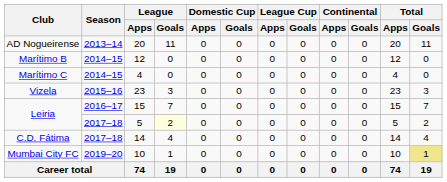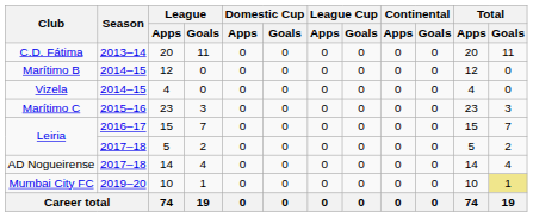 <table class="wikitable" style="text-align: center;">
 <tr>
 <th rowspan="2">Club</th>
 <th rowspan="2">Season</th>
 <th colspan="2">League</th>
 <th colspan="2">Domestic Cup</th>
 <th colspan="2">League Cup</th>
 <th colspan="2">Continental</th>
 <th colspan="2">Total</th>
 </tr>
 <tr>
 <th>Apps</th>
 <th>Goals</th>
 <th>Apps</th>
 <th>Goals</th>
 <th>Apps</th>
 <th>Goals</th>
 <th>Apps</th>
 <th>Goals</th>
 <th>Apps</th>
 <th>Goals</th>
 </tr>
 <tr>
-<td rowspan="1">AD Nogueirense</td>
+<td rowspan="1"><a href='#'>C.D. Fátima</a></td>
 <td><a href='#'>2013–14</a></td>
 <td>20</td>
 <td>11</td>
 <td>0</td>
 <td>0</td>
 <td>0</td>
 <td>0</td>
 <td>0</td>
 <td>0</td>
 <td>20</td>
 <td>11</td>
 </tr>
 <tr>
 <td rowspan="1"><a href='#'>Marítimo B</a></td>
 <td><a href='#'>2014–15</a></td>
 <td>12</td>
 <td>0</td>
 <td>0</td>
 <td>0</td>
 <td>0</td>
 <td>0</td>
 <td>0</td>
 <td>0</td>
 <td>12</td>
 <td>0</td>
 </tr>
 <tr>
-<td rowspan="1"><a href='#'>Marítimo C</a></td>
+<td rowspan="1"><a href='#'>Vizela</a></td>
 <td><a href='#'>2014–15</a></td>
 <td>4</td>
 <td>0</td>
 <td>0</td>
 <td>0</td>
 <td>0</td>
 <td>0</td>
 <td>0</td>
 <td>0</td>
 <td>4</td>
 <td>0</td>
 </tr>
 <tr>
-<td rowspan="1"><a href='#'>Vizela</a></td>
+<td rowspan="1"><a href='#'>Marítimo C</a></td>
 <td><a href='#'>2015–16</a></td>
 <td>23</td>
 <td>3</td>
 <td>0</td>
 <td>0</td>
 <td>0</td>
 <td>0</td>
 <td>0</td>
 <td>0</td>
 <td>23</td>
 <td>3</td>
 </tr>
 <tr>
 <td rowspan="2"><a href='#'>Leiria</a></td>
 <td><a href='#'>2016–17</a></td>
 <td>15</td>
 <td>7</td>
 <td>0</td>
 <td>0</td>
 <td>0</td>
 <td>0</td>
 <td>0</td>
 <td>0</td>
 <td>15</td>
 <td>7</td>
 </tr>
 <tr>
 <td><a href='#'>2017–18</a></td>
 <td>5</td>
-<td style="background: lightyellow;">2</td>
+<td>2</td>
 <td>0</td>
 <td>0</td>
 <td>0</td>
 <td>0</td>
 <td>0</td>
 <td>0</td>
 <td>5</td>
 <td>2</td>
 </tr>
 <tr>
-<td rowspan="1"><a href='#'>C.D. Fátima</a></td>
+<td rowspan="1">AD Nogueirense</td>
 <td><a href='#'>2017–18</a></td>
 <td>14</td>
 <td>4</td>
 <td>0</td>
 <td>0</td>
 <td>0</td>
 <td>0</td>
 <td>0</td>
 <td>0</td>
 <td>14</td>
 <td>4</td>
 </tr>
 <tr>
 <td rowspan="1"><a href='#'>Mumbai City FC</a></td>
 <td><a href='#'>2019–20</a></td>
 <td>10</td>
 <td>1</td>
 <td>0</td>
 <td>0</td>
 <td>0</td>
 <td>0</td>
 <td>0</td>
 <td>0</td>
 <td>10</td>
 <td style="background: khaki;">1</td>
 </tr>
 <tr>
 <th colspan="2">Career total</th>
 <th>74</th>
 <th>19</th>
 <th>0</th>
 <th>0</th>
 <th>0</th>
 <th>0</th>
 <th>0</th>
 <th>0</th>
 <th>74</th>
 <th>19</th>
 </tr>
 </table>
